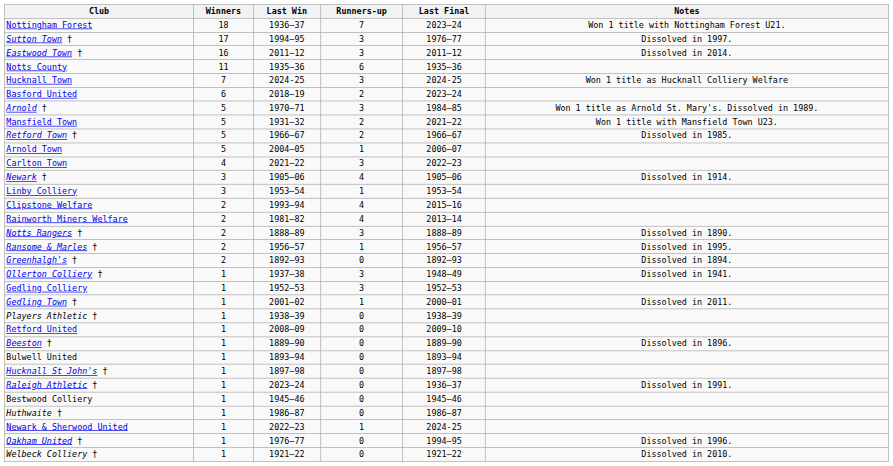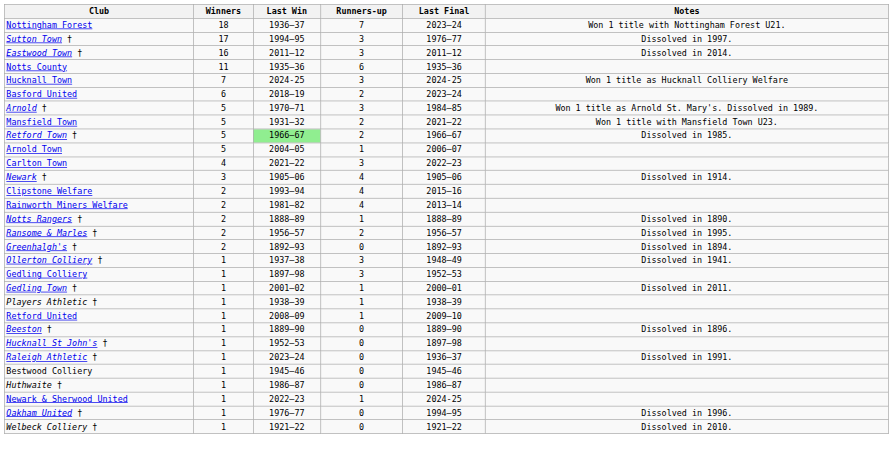 <table class="wikitable" style="text-align: center; width: 100%; font-size: 12px">
 <tr>
 <th>Club</th>
 <th>Winners</th>
 <th>Last Win</th>
 <th>Runners-up</th>
 <th>Last Final</th>
 <th>Notes</th>
 </tr>
 <tr>
 <td style="text-align: left"><a href='#'>Nottingham Forest</a></td>
 <td>18</td>
 <td>1936–37</td>
 <td>7</td>
 <td>2023–24</td>
 <td>Won 1 title with Nottingham Forest U21.</td>
 </tr>
 <tr>
 <td style="text-align: left"><em><a href='#'>Sutton Town</a></em> †</td>
 <td>17</td>
 <td>1994–95</td>
 <td>3</td>
 <td>1976–77</td>
 <td>Dissolved in 1997.</td>
 </tr>
 <tr>
 <td style="text-align: left"><em><a href='#'>Eastwood Town</a></em> †</td>
 <td>16</td>
 <td>2011–12</td>
 <td>3</td>
 <td>2011–12</td>
 <td>Dissolved in 2014.</td>
 </tr>
 <tr>
 <td style="text-align: left"><a href='#'>Notts County</a></td>
 <td>11</td>
 <td>1935–36</td>
 <td>6</td>
 <td>1935–36</td>
 <td></td>
 </tr>
 <tr>
 <td style="text-align: left"><a href='#'>Hucknall Town</a></td>
 <td>7</td>
 <td>2024-25</td>
 <td>3</td>
 <td>2024-25</td>
 <td>Won 1 title as Hucknall Colliery Welfare</td>
 </tr>
 <tr>
 <td style="text-align: left"><a href='#'>Basford United</a></td>
 <td>6</td>
 <td>2018–19</td>
 <td>2</td>
 <td>2023–24</td>
 <td></td>
 </tr>
 <tr>
 <td style="text-align: left"><em><a href='#'>Arnold</a></em>  †</td>
 <td>5</td>
 <td>1970–71</td>
 <td>3</td>
 <td>1984–85</td>
 <td>Won 1 title as Arnold St. Mary's. Dissolved in 1989.</td>
 </tr>
 <tr>
 <td style="text-align: left"><a href='#'>Mansfield Town</a></td>
 <td>5</td>
 <td>1931–32</td>
 <td>2</td>
 <td>2021–22</td>
 <td>Won 1 title with Mansfield Town U23.</td>
 </tr>
 <tr>
 <td style="text-align: left"><em><a href='#'>Retford Town</a></em> †</td>
 <td>5</td>
-<td>1966–67</td>
+<td style="background: lightgreen;">1966–67</td>
 <td>2</td>
 <td>1966–67</td>
 <td>Dissolved in 1985.</td>
 </tr>
 <tr>
 <td style="text-align: left"><a href='#'>Arnold Town</a></td>
 <td>5</td>
 <td>2004–05</td>
 <td>1</td>
 <td>2006–07</td>
 <td></td>
 </tr>
 <tr>
 <td style="text-align: left"><a href='#'>Carlton Town</a></td>
 <td>4</td>
 <td>2021–22</td>
 <td>3</td>
 <td>2022–23</td>
 <td></td>
 </tr>
 <tr>
 <td style="text-align: left"><em><a href='#'>Newark</a></em> †</td>
 <td>3</td>
 <td>1905–06</td>
 <td>4</td>
 <td>1905–06</td>
 <td>Dissolved in 1914.</td>
 </tr>
 <tr>
-<td style="text-align: left"><a href='#'>Linby Colliery</a></td>
-<td>3</td>
-<td>1953–54</td>
-<td>1</td>
-<td>1953–54</td>
-<td></td>
-</tr>
-<tr>
 <td style="text-align: left"><a href='#'>Clipstone Welfare</a></td>
 <td>2</td>
 <td>1993–94</td>
 <td>4</td>
 <td>2015–16</td>
 <td></td>
 </tr>
 <tr>
 <td style="text-align: left"><a href='#'>Rainworth Miners Welfare</a></td>
 <td>2</td>
 <td>1981–82</td>
 <td>4</td>
 <td>2013–14</td>
 <td></td>
 </tr>
 <tr>
 <td style="text-align: left"><em><a href='#'>Notts Rangers</a></em> †</td>
 <td>2</td>
 <td>1888–89</td>
-<td>3</td>
+<td>1</td>
 <td>1888–89</td>
 <td>Dissolved in 1890.</td>
 </tr>
 <tr>
 <td style="text-align: left"><em><a href='#'>Ransome & Marles</a></em> †</td>
 <td>2</td>
 <td>1956–57</td>
-<td>1</td>
+<td>2</td>
 <td>1956–57</td>
 <td>Dissolved in 1995.</td>
 </tr>
 <tr>
 <td style="text-align: left"><em><a href='#'>Greenhalgh's</a></em> †</td>
 <td>2</td>
 <td>1892–93</td>
 <td>0</td>
 <td>1892–93</td>
 <td>Dissolved in 1894.</td>
 </tr>
 <tr>
 <td style="text-align: left"><em><a href='#'>Ollerton Colliery</a></em> †</td>
 <td>1</td>
 <td>1937–38</td>
 <td>3</td>
 <td>1948–49</td>
 <td>Dissolved in 1941.</td>
 </tr>
 <tr>
 <td style="text-align: left"><a href='#'>Gedling Colliery</a></td>
 <td>1</td>
-<td>1952–53</td>
+<td>1897–98</td>
 <td>3</td>
 <td>1952–53</td>
 <td></td>
 </tr>
 <tr>
 <td style="text-align: left"><em><a href='#'>Gedling Town</a></em> †</td>
 <td>1</td>
 <td>2001–02</td>
 <td>1</td>
 <td>2000–01</td>
 <td>Dissolved in 2011.</td>
 </tr>
 <tr>
 <td style="text-align: left"><em>Players Athletic</em> †</td>
 <td>1</td>
 <td>1938–39</td>
-<td>0</td>
+<td>1</td>
 <td>1938–39</td>
 <td></td>
 </tr>
 <tr>
 <td style="text-align: left"><a href='#'>Retford United</a></td>
 <td>1</td>
 <td>2008–09</td>
-<td>0</td>
+<td>1</td>
 <td>2009–10</td>
 <td></td>
 </tr>
 <tr>
 <td style="text-align: left"><em><a href='#'>Beeston</a></em> †</td>
 <td>1</td>
 <td>1889–90</td>
 <td>0</td>
 <td>1889–90</td>
 <td>Dissolved in 1896.</td>
 </tr>
 <tr>
-<td style="text-align: left">Bulwell United</td>
-<td>1</td>
-<td>1893–94</td>
-<td>0</td>
-<td>1893–94</td>
-<td></td>
-</tr>
-<tr>
 <td style="text-align: left"><em><a href='#'>Hucknall St John's</a></em> †</td>
 <td>1</td>
-<td>1897–98</td>
+<td>1952–53</td>
 <td>0</td>
 <td>1897–98</td>
 <td></td>
 </tr>
 <tr>
 <td style="text-align: left"><em><a href='#'>Raleigh Athletic</a></em> †</td>
 <td>1</td>
 <td>2023–24</td>
 <td>0</td>
 <td>1936–37</td>
 <td>Dissolved in 1991.</td>
 </tr>
 <tr>
 <td style="text-align: left">Bestwood Colliery</td>
 <td>1</td>
 <td>1945–46</td>
 <td>0</td>
 <td>1945–46</td>
 <td></td>
 </tr>
 <tr>
 <td style="text-align: left"><em>Huthwaite</em> †</td>
 <td>1</td>
 <td>1986–87</td>
 <td>0</td>
 <td>1986–87</td>
 <td></td>
 </tr>
 <tr>
 <td style="text-align: left"><a href='#'>Newark & Sherwood United</a></td>
 <td>1</td>
 <td>2022–23</td>
 <td>1</td>
 <td>2024-25</td>
 <td></td>
 </tr>
 <tr>
 <td style="text-align: left"><em><a href='#'>Oakham United</a></em> †</td>
 <td>1</td>
 <td>1976–77</td>
 <td>0</td>
 <td>1994–95</td>
 <td>Dissolved in 1996.</td>
 </tr>
 <tr>
 <td style="text-align: left"><em>Welbeck Colliery</em> †</td>
 <td>1</td>
 <td>1921–22</td>
 <td>0</td>
 <td>1921–22</td>
 <td>Dissolved in 2010.</td>
 </tr>
 </table>
